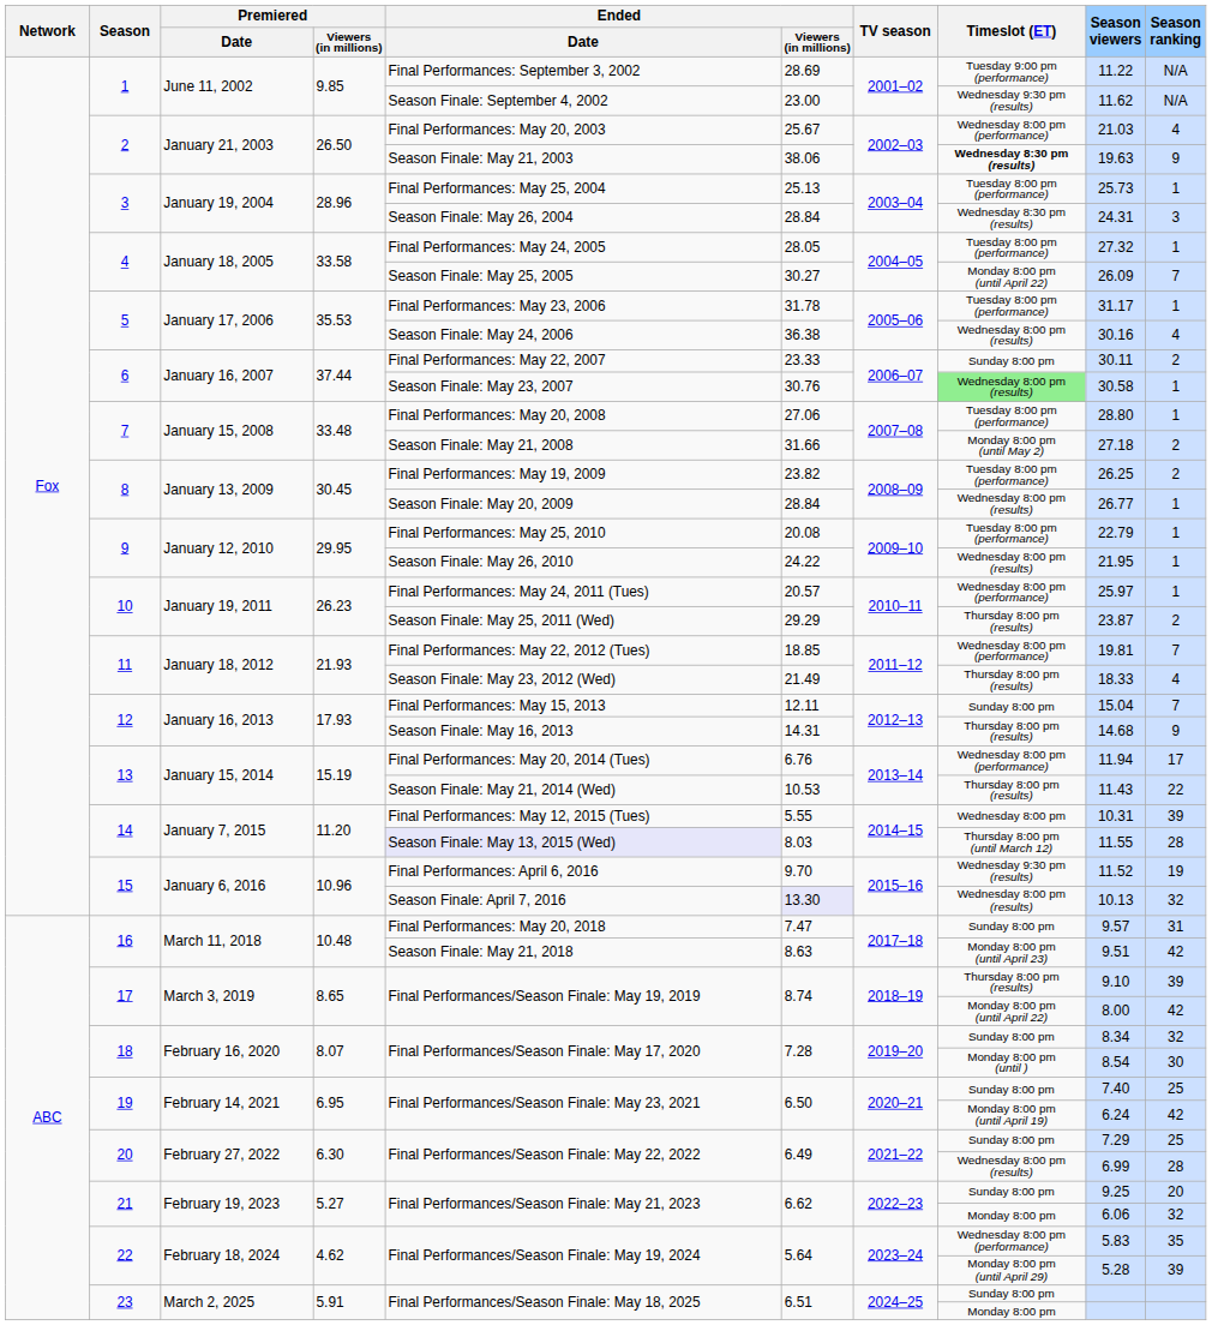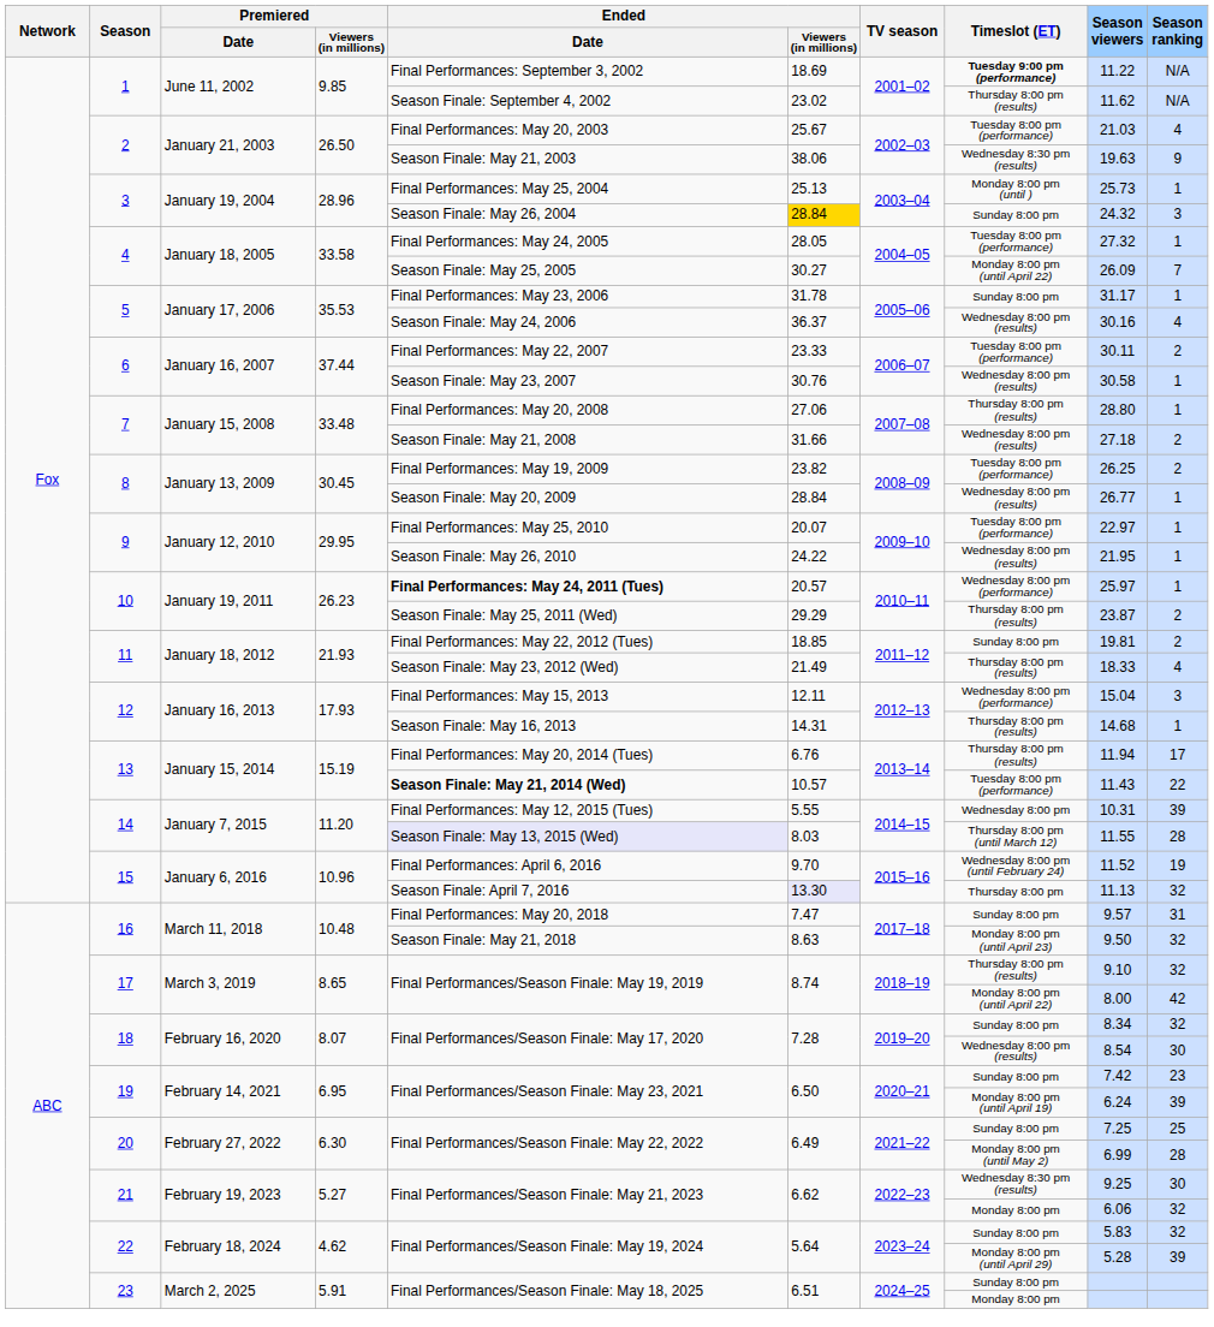 <table class="wikitable">
 <tr>
 <th style="width:7%;" rowspan="2">Network</th>
 <th rowspan=2>Season</th>
 <th colspan=2>Premiered</th>
 <th colspan=2>Ended</th>
 <th style="width:7%;" rowspan="2">TV season</th>
 <th rowspan=2>Timeslot (<a href='#'>ET</a>)</th>
 <th style="width:5%; background:#9cf;" rowspan="2">Season<br>viewers</th>
 <th style="width:5%; background:#9cf;" rowspan="2">Season<br>ranking</th>
 </tr>
 <tr>
 <th>Date</th>
 <th span style="width:6%; font-size:smaller; font-weight:bold; line-height:100%;">Viewers<br>(in millions)</th>
 <th>Date</th>
 <th span style="width:6%; font-size:smaller; font-weight:bold; line-height:100%;">Viewers<br>(in millions)</th>
 </tr>
 <tr>
 <td rowspan=30 style="text-align:center"><a href='#'>Fox</a></td>
 <td rowspan=2 style="text-align:center"><a href='#'>1</a></td>
 <td rowspan=2>June 11, 2002</td>
 <td rowspan=2>9.85</td>
 <td>Final Performances: September 3, 2002</td>
-<td>28.69</td>
+<td>18.69</td>
 <td rowspan=2 style="text-align:center"><a href='#'>2001–02</a></td>
-<td style="font-size: smaller;text-align:center;line-height: 100%">Tuesday 9:00 pm<br><em>(performance)</em></td>
+<td style="font-size: smaller;text-align:center;line-height: 100%"><strong>Tuesday 9:00 pm<br><em>(performance)</em></strong></td>
 <td style="background:#cce0ff;text-align:center">11.22</td>
 <td style="background:#cce0ff;text-align:center">N/A</td>
 </tr>
 <tr>
 <td>Season Finale: September 4, 2002</td>
-<td>23.00</td>
-<td style="font-size: smaller;text-align:center;line-height: 100%">Wednesday 9:30 pm<br><em>(results)</em></td>
+<td>23.02</td>
+<td style="font-size: smaller;text-align:center;line-height: 100%">Thursday 8:00 pm<br><em>(results)</em></td>
 <td style="background:#cce0ff;text-align:center">11.62</td>
 <td style="background:#cce0ff;text-align:center">N/A</td>
 </tr>
 <tr>
 <td rowspan=2 style="text-align:center"><a href='#'>2</a></td>
 <td rowspan=2>January 21, 2003</td>
 <td rowspan=2>26.50</td>
 <td>Final Performances: May 20, 2003</td>
 <td>25.67</td>
 <td rowspan=2 style="text-align:center"><a href='#'>2002–03</a></td>
-<td style="font-size: smaller;text-align:center;line-height: 100%">Wednesday 8:00 pm<br><em>(performance)</em></td>
+<td style="font-size: smaller;text-align:center;line-height: 100%">Tuesday 8:00 pm<br><em>(performance)</em></td>
 <td style="background:#cce0ff;text-align:center">21.03</td>
 <td style="background:#cce0ff;text-align:center">4</td>
 </tr>
 <tr>
 <td>Season Finale: May 21, 2003</td>
 <td>38.06</td>
-<td style="font-size: smaller;text-align:center;line-height: 100%"><strong>Wednesday 8:30 pm<br><em>(results)</em></strong></td>
+<td style="font-size: smaller;text-align:center;line-height: 100%">Wednesday 8:30 pm<br><em>(results)</em></td>
 <td style="background:#cce0ff;text-align:center">19.63</td>
 <td style="background:#cce0ff;text-align:center">9</td>
 </tr>
 <tr>
 <td rowspan=2 style="text-align:center"><a href='#'>3</a></td>
 <td rowspan=2>January 19, 2004</td>
 <td rowspan=2>28.96</td>
 <td>Final Performances: May 25, 2004</td>
 <td>25.13</td>
 <td rowspan=2 style="text-align:center"><a href='#'>2003–04</a></td>
-<td style="font-size: smaller;text-align:center;line-height: 100%">Tuesday 8:00 pm<br><em>(performance)</em></td>
+<td style="font-size: smaller;text-align:center;line-height: 100%">Monday 8:00 pm<br><em>(until )</em></td>
 <td style="background:#cce0ff;text-align:center">25.73</td>
 <td style="background:#cce0ff;text-align:center">1</td>
 </tr>
 <tr>
 <td>Season Finale: May 26, 2004</td>
-<td>28.84</td>
-<td style="font-size: smaller;text-align:center;line-height: 100%">Wednesday 8:30 pm<br><em>(results)</em></td>
-<td style="background:#cce0ff;text-align:center">24.31</td>
+<td style="background: gold;">28.84</td>
+<td style="font-size: smaller;text-align:center;line-height: 100%">Sunday 8:00 pm</td>
+<td style="background:#cce0ff;text-align:center">24.32</td>
 <td style="background:#cce0ff;text-align:center">3</td>
 </tr>
 <tr>
 <td rowspan=2 style="text-align:center"><a href='#'>4</a></td>
 <td rowspan=2>January 18, 2005</td>
 <td rowspan=2>33.58</td>
 <td>Final Performances: May 24, 2005</td>
 <td>28.05</td>
 <td rowspan=2 style="text-align:center"><a href='#'>2004–05</a></td>
 <td style="font-size: smaller;text-align:center;line-height: 100%">Tuesday 8:00 pm<br><em>(performance)</em></td>
 <td style="background:#cce0ff;text-align:center">27.32</td>
 <td style="background:#cce0ff;text-align:center">1</td>
 </tr>
 <tr>
 <td>Season Finale: May 25, 2005</td>
 <td>30.27</td>
 <td style="font-size: smaller;text-align:center;line-height: 100%">Monday 8:00 pm<br><em>(until April 22)</em></td>
 <td style="background:#cce0ff;text-align:center">26.09</td>
 <td style="background:#cce0ff;text-align:center">7</td>
 </tr>
 <tr>
 <td rowspan=2 style="text-align:center"><a href='#'>5</a></td>
 <td rowspan=2>January 17, 2006</td>
 <td rowspan=2>35.53</td>
 <td>Final Performances: May 23, 2006</td>
 <td>31.78</td>
 <td rowspan=2 style="text-align:center"><a href='#'>2005–06</a></td>
-<td style="font-size: smaller;text-align:center;line-height: 100%">Tuesday 8:00 pm<br><em>(performance)</em></td>
+<td style="font-size: smaller;text-align:center;line-height: 100%">Sunday 8:00 pm</td>
 <td style="background:#cce0ff;text-align:center">31.17</td>
 <td style="background:#cce0ff;text-align:center">1</td>
 </tr>
 <tr>
 <td>Season Finale: May 24, 2006</td>
-<td>36.38</td>
+<td>36.37</td>
 <td style="font-size: smaller;text-align:center;line-height: 100%">Wednesday 8:00 pm<br><em>(results)</em></td>
 <td style="background:#cce0ff;text-align:center">30.16</td>
 <td style="background:#cce0ff;text-align:center">4</td>
 </tr>
 <tr>
 <td rowspan=2 style="text-align:center"><a href='#'>6</a></td>
 <td rowspan=2>January 16, 2007</td>
 <td rowspan=2>37.44</td>
 <td>Final Performances: May 22, 2007</td>
 <td>23.33</td>
 <td rowspan=2 style="text-align:center"><a href='#'>2006–07</a></td>
-<td style="font-size: smaller;text-align:center;line-height: 100%">Sunday 8:00 pm<br></td>
+<td style="font-size: smaller;text-align:center;line-height: 100%">Tuesday 8:00 pm<br><em>(performance)</em></td>
 <td style="background:#cce0ff;text-align:center">30.11</td>
 <td style="background:#cce0ff;text-align:center">2</td>
 </tr>
 <tr>
 <td>Season Finale: May 23, 2007</td>
 <td>30.76</td>
-<td style="background: lightgreen; font-size: smaller;text-align:center;line-height: 100%">Wednesday 8:00 pm<br><em>(results)</em></td>
+<td style="font-size: smaller;text-align:center;line-height: 100%">Wednesday 8:00 pm<br><em>(results)</em></td>
 <td style="background:#cce0ff;text-align:center">30.58</td>
 <td style="background:#cce0ff;text-align:center">1</td>
 </tr>
 <tr>
 <td rowspan=2 style="text-align:center"><a href='#'>7</a></td>
 <td rowspan=2>January 15, 2008</td>
 <td rowspan=2>33.48</td>
 <td>Final Performances: May 20, 2008</td>
 <td>27.06</td>
 <td rowspan=2 style="text-align:center"><a href='#'>2007–08</a></td>
-<td style="font-size: smaller;text-align:center;line-height: 100%">Tuesday 8:00 pm<br><em>(performance)</em></td>
+<td style="font-size: smaller;text-align:center;line-height: 100%">Thursday 8:00 pm<br><em>(results)</em></td>
 <td style="background:#cce0ff;text-align:center">28.80</td>
 <td style="background:#cce0ff;text-align:center">1</td>
 </tr>
 <tr>
 <td>Season Finale: May 21, 2008</td>
 <td>31.66</td>
-<td style="font-size: smaller;text-align:center;line-height: 100%">Monday 8:00 pm<br><em>(until May 2)</em></td>
+<td style="font-size: smaller;text-align:center;line-height: 100%">Wednesday 8:00 pm<br><em>(results)</em></td>
 <td style="background:#cce0ff;text-align:center">27.18</td>
 <td style="background:#cce0ff;text-align:center">2</td>
 </tr>
 <tr>
 <td rowspan=2 style="text-align:center"><a href='#'>8</a></td>
 <td rowspan=2>January 13, 2009</td>
 <td rowspan=2>30.45</td>
 <td>Final Performances: May 19, 2009</td>
 <td>23.82</td>
 <td rowspan=2 style="text-align:center"><a href='#'>2008–09</a></td>
 <td style="font-size: smaller;text-align:center;line-height: 100%">Tuesday 8:00 pm<br><em>(performance)</em></td>
 <td style="background:#cce0ff;text-align:center">26.25</td>
 <td style="background:#cce0ff;text-align:center">2</td>
 </tr>
 <tr>
 <td>Season Finale: May 20, 2009</td>
 <td>28.84</td>
 <td style="font-size: smaller;text-align:center;line-height: 100%">Wednesday 8:00 pm<br><em>(results)</em></td>
 <td style="background:#cce0ff;text-align:center">26.77</td>
 <td style="background:#cce0ff;text-align:center">1</td>
 </tr>
 <tr>
 <td rowspan=2 style="text-align:center"><a href='#'>9</a></td>
 <td rowspan=2>January 12, 2010</td>
 <td rowspan=2>29.95</td>
 <td>Final Performances: May 25, 2010</td>
-<td>20.08</td>
+<td>20.07</td>
 <td rowspan=2 style="text-align:center"><a href='#'>2009–10</a></td>
 <td style="font-size: smaller;text-align:center;line-height: 100%">Tuesday 8:00 pm<br><em>(performance)</em></td>
-<td style="background:#cce0ff;text-align:center">22.79</td>
+<td style="background:#cce0ff;text-align:center">22.97</td>
 <td style="background:#cce0ff;text-align:center">1</td>
 </tr>
 <tr>
 <td>Season Finale: May 26, 2010</td>
 <td>24.22</td>
 <td style="font-size: smaller;text-align:center;line-height: 100%">Wednesday 8:00 pm<br><em>(results)</em></td>
 <td style="background:#cce0ff;text-align:center">21.95</td>
 <td style="background:#cce0ff;text-align:center">1</td>
 </tr>
 <tr>
 <td rowspan=2 style="text-align:center"><a href='#'>10</a></td>
 <td rowspan=2>January 19, 2011</td>
 <td rowspan=2>26.23</td>
-<td>Final Performances: May 24, 2011 (Tues)</td>
+<td><strong>Final Performances: May 24, 2011 (Tues)</strong></td>
 <td>20.57</td>
 <td rowspan=2 style="text-align:center"><a href='#'>2010–11</a></td>
 <td style="font-size: smaller;text-align:center;line-height: 100%">Wednesday 8:00 pm<br><em>(performance)</em></td>
 <td style="background:#cce0ff;text-align:center">25.97</td>
 <td style="background:#cce0ff;text-align:center">1</td>
 </tr>
 <tr>
 <td>Season Finale: May 25, 2011 (Wed)</td>
 <td>29.29</td>
 <td style="font-size: smaller;text-align:center;line-height: 100%">Thursday 8:00 pm<br><em>(results)</em></td>
 <td style="background:#cce0ff;text-align:center">23.87</td>
 <td style="background:#cce0ff;text-align:center">2</td>
 </tr>
 <tr>
 <td rowspan=2 style="text-align:center"><a href='#'>11</a></td>
 <td rowspan=2>January 18, 2012</td>
 <td rowspan=2>21.93</td>
 <td>Final Performances: May 22, 2012 (Tues)</td>
 <td>18.85</td>
 <td rowspan=2 style="text-align:center"><a href='#'>2011–12</a></td>
-<td style="font-size: smaller;text-align:center;line-height: 100%">Wednesday 8:00 pm<br><em>(performance)</em></td>
+<td style="font-size: smaller;text-align:center;line-height: 100%">Sunday 8:00 pm</td>
 <td style="background:#cce0ff;text-align:center">19.81</td>
-<td style="background:#cce0ff;text-align:center">7</td>
+<td style="background:#cce0ff;text-align:center">2</td>
 </tr>
 <tr>
 <td>Season Finale: May 23, 2012 (Wed)</td>
 <td>21.49</td>
 <td style="font-size: smaller;text-align:center;line-height: 100%">Thursday 8:00 pm<br><em>(results)</em></td>
 <td style="background:#cce0ff;text-align:center">18.33</td>
 <td style="background:#cce0ff;text-align:center">4</td>
 </tr>
 <tr>
 <td rowspan=2 style="text-align:center"><a href='#'>12</a></td>
 <td rowspan=2>January 16, 2013</td>
 <td rowspan=2>17.93</td>
 <td>Final Performances: May 15, 2013</td>
 <td>12.11</td>
 <td rowspan=2 style="text-align:center"><a href='#'>2012–13</a></td>
-<td style="font-size: smaller;text-align:center;line-height: 100%">Sunday 8:00 pm</td>
+<td style="font-size: smaller;text-align:center;line-height: 100%">Wednesday 8:00 pm<br><em>(performance)</em></td>
 <td style="background:#cce0ff;text-align:center">15.04</td>
-<td style="background:#cce0ff;text-align:center">7</td>
+<td style="background:#cce0ff;text-align:center">3</td>
 </tr>
 <tr>
 <td>Season Finale: May 16, 2013</td>
 <td>14.31</td>
 <td style="font-size: smaller;text-align:center;line-height: 100%">Thursday 8:00 pm<br><em>(results)</em></td>
 <td style="background:#cce0ff;text-align:center">14.68</td>
-<td style="background:#cce0ff;text-align:center">9</td>
+<td style="background:#cce0ff;text-align:center">1</td>
 </tr>
 <tr>
 <td rowspan=2 style="text-align:center"><a href='#'>13</a></td>
 <td rowspan=2>January 15, 2014</td>
 <td rowspan=2>15.19</td>
 <td>Final Performances: May 20, 2014 (Tues)</td>
 <td>6.76</td>
 <td rowspan=2 style="text-align:center"><a href='#'>2013–14</a></td>
-<td style="font-size: smaller;text-align:center;line-height: 100%">Wednesday 8:00 pm<br><em>(performance)</em></td>
+<td style="font-size: smaller;text-align:center;line-height: 100%">Thursday 8:00 pm<br><em>(results)</em></td>
 <td style="background:#cce0ff;text-align:center">11.94</td>
 <td style="background:#cce0ff;text-align:center">17</td>
 </tr>
 <tr>
-<td>Season Finale: May 21, 2014 (Wed)</td>
-<td>10.53</td>
-<td style="font-size: smaller;text-align:center;line-height: 100%">Thursday 8:00 pm<br><em>(results)</em></td>
+<td><strong>Season Finale: May 21, 2014 (Wed)</strong></td>
+<td>10.57</td>
+<td style="font-size: smaller;text-align:center;line-height: 100%">Tuesday 8:00 pm<br><em>(performance)</em></td>
 <td style="background:#cce0ff;text-align:center">11.43</td>
 <td style="background:#cce0ff;text-align:center">22</td>
 </tr>
 <tr>
 <td rowspan=2 style="text-align:center"><a href='#'>14</a></td>
 <td rowspan=2>January 7, 2015</td>
 <td rowspan=2>11.20</td>
 <td>Final Performances: May 12, 2015 (Tues)</td>
 <td>5.55</td>
 <td rowspan=2 style="text-align:center"><a href='#'>2014–15</a></td>
 <td style="font-size: smaller;text-align:center;line-height: 100%">Wednesday 8:00 pm<br></td>
 <td style="background:#cce0ff;text-align:center">10.31</td>
 <td style="background:#cce0ff;text-align:center">39</td>
 </tr>
 <tr>
 <td style="background: lavender;">Season Finale: May 13, 2015 (Wed)</td>
 <td>8.03</td>
 <td style="font-size: smaller;text-align:center;line-height: 100%">Thursday 8:00 pm<br><em>(until March 12)</em></td>
 <td style="background:#cce0ff;text-align:center">11.55</td>
 <td style="background:#cce0ff;text-align:center">28</td>
 </tr>
 <tr>
 <td rowspan=2 style="text-align:center"><a href='#'>15</a></td>
 <td rowspan=2>January 6, 2016</td>
 <td rowspan=2>10.96</td>
 <td>Final Performances: April 6, 2016</td>
 <td>9.70</td>
 <td rowspan=2 style="text-align:center"><a href='#'>2015–16</a></td>
-<td style="font-size: smaller;text-align:center;line-height: 100%">Wednesday 9:30 pm<br><em>(results)</em></td>
+<td style="font-size: smaller;text-align:center;line-height: 100%">Wednesday 8:00 pm<br><em>(until February 24)</em></td>
 <td style="background:#cce0ff;text-align:center">11.52</td>
 <td style="background:#cce0ff;text-align:center">19</td>
 </tr>
 <tr>
 <td>Season Finale: April 7, 2016</td>
 <td style="background: lavender;">13.30</td>
-<td style="font-size: smaller;text-align:center;line-height: 100%">Wednesday 8:00 pm<br><em>(results)</em></td>
-<td style="background:#cce0ff;text-align:center">10.13</td>
+<td style="font-size: smaller;text-align:center;line-height: 100%">Thursday 8:00 pm</td>
+<td style="background:#cce0ff;text-align:center">11.13</td>
 <td style="background:#cce0ff;text-align:center">32</td>
 </tr>
 <tr>
 <td rowspan=16 style="text-align:center"><a href='#'>ABC</a></td>
 <td rowspan=2 style="text-align:center"><a href='#'>16</a></td>
 <td rowspan=2>March 11, 2018</td>
 <td rowspan=2>10.48</td>
 <td>Final Performances: May 20, 2018</td>
 <td>7.47</td>
 <td rowspan=2 style="text-align:center"><a href='#'>2017–18</a></td>
 <td style="font-size: smaller;text-align:center;line-height: 100%">Sunday 8:00 pm<br></td>
 <td style="background:#cce0ff;text-align:center">9.57</td>
 <td style="background:#cce0ff;text-align:center">31</td>
 </tr>
 <tr>
 <td>Season Finale: May 21, 2018</td>
 <td>8.63</td>
 <td style="font-size: smaller;text-align:center;line-height: 100%">Monday 8:00 pm<br><em>(until April 23)</em></td>
-<td style="background:#cce0ff;text-align:center">9.51</td>
-<td style="background:#cce0ff;text-align:center">42</td>
+<td style="background:#cce0ff;text-align:center">9.50</td>
+<td style="background:#cce0ff;text-align:center">32</td>
 </tr>
 <tr>
 <td rowspan=2 style="text-align:center"><a href='#'>17</a></td>
 <td rowspan=2>March 3, 2019</td>
 <td rowspan=2>8.65</td>
 <td rowspan=2>Final Performances/Season Finale: May 19, 2019</td>
 <td rowspan=2>8.74</td>
 <td rowspan=2 style="text-align:center"><a href='#'>2018–19</a></td>
 <td style="font-size: smaller;text-align:center;line-height: 100%">Thursday 8:00 pm<br><em>(results)</em></td>
 <td style="background:#cce0ff;text-align:center">9.10</td>
-<td style="background:#cce0ff;text-align:center">39</td>
+<td style="background:#cce0ff;text-align:center">32</td>
 </tr>
 <tr>
 <td style="font-size: smaller;text-align:center;line-height: 100%">Monday 8:00 pm<br><em>(until April 22)</em></td>
 <td style="background:#cce0ff;text-align:center">8.00</td>
 <td style="background:#cce0ff;text-align:center">42</td>
 </tr>
 <tr>
 <td rowspan=2 style="text-align:center"><a href='#'>18</a></td>
 <td rowspan=2>February 16, 2020</td>
 <td rowspan=2>8.07</td>
 <td rowspan=2>Final Performances/Season Finale: May 17, 2020</td>
 <td rowspan=2>7.28</td>
 <td rowspan=2 style="text-align:center"><a href='#'>2019–20</a></td>
 <td style="font-size: smaller;text-align:center;line-height: 100%">Sunday 8:00 pm</td>
 <td style="background:#cce0ff;text-align:center">8.34</td>
 <td style="background:#cce0ff;text-align:center">32</td>
 </tr>
 <tr>
-<td style="font-size: smaller;text-align:center;line-height: 100%">Monday 8:00 pm<br><em>(until )</em></td>
+<td style="font-size: smaller;text-align:center;line-height: 100%">Wednesday 8:00 pm<br><em>(results)</em></td>
 <td style="background:#cce0ff;text-align:center">8.54</td>
 <td style="background:#cce0ff;text-align:center">30</td>
 </tr>
 <tr>
 <td rowspan=2 style="text-align:center"><a href='#'>19</a></td>
 <td rowspan=2>February 14, 2021</td>
 <td rowspan=2>6.95</td>
 <td rowspan=2>Final Performances/Season Finale: May 23, 2021</td>
 <td rowspan=2>6.50</td>
 <td rowspan=2 style="text-align:center"><a href='#'>2020–21</a></td>
 <td style="font-size: smaller;text-align:center;line-height: 100%">Sunday 8:00 pm</td>
-<td style="background:#cce0ff;text-align:center">7.40</td>
-<td style="background:#cce0ff;text-align:center">25</td>
+<td style="background:#cce0ff;text-align:center">7.42</td>
+<td style="background:#cce0ff;text-align:center">23</td>
 </tr>
 <tr>
 <td style="font-size: smaller;text-align:center;line-height: 100%">Monday 8:00 pm<br><em>(until April 19)</em></td>
 <td style="background:#cce0ff;text-align:center">6.24</td>
-<td style="background:#cce0ff;text-align:center">42</td>
+<td style="background:#cce0ff;text-align:center">39</td>
 </tr>
 <tr>
 <td rowspan=2 style="text-align:center"><a href='#'>20</a></td>
 <td rowspan=2>February 27, 2022</td>
 <td rowspan=2>6.30</td>
 <td rowspan=2>Final Performances/Season Finale: May 22, 2022</td>
 <td rowspan=2>6.49</td>
 <td rowspan=2 style="text-align:center"><a href='#'>2021–22</a></td>
 <td style="font-size: smaller;text-align:center;line-height: 100%">Sunday 8:00 pm</td>
-<td style="background:#cce0ff;text-align:center">7.29</td>
+<td style="background:#cce0ff;text-align:center">7.25</td>
 <td style="background:#cce0ff;text-align:center">25</td>
 </tr>
 <tr>
-<td style="font-size: smaller;text-align:center;line-height: 100%">Wednesday 8:00 pm<br><em>(results)</em></td>
+<td style="font-size: smaller;text-align:center;line-height: 100%">Monday 8:00 pm<br><em>(until May 2)</em></td>
 <td style="background:#cce0ff;text-align:center">6.99</td>
 <td style="background:#cce0ff;text-align:center">28</td>
 </tr>
 <tr>
 <td rowspan=2 style="text-align:center"><a href='#'>21</a></td>
 <td rowspan=2>February 19, 2023</td>
 <td rowspan=2>5.27</td>
 <td rowspan=2>Final Performances/Season Finale: May 21, 2023</td>
 <td rowspan=2>6.62</td>
 <td rowspan=2 style="text-align:center"><a href='#'>2022–23</a></td>
-<td style="font-size: smaller;text-align:center;line-height: 100%">Sunday 8:00 pm</td>
+<td style="font-size: smaller;text-align:center;line-height: 100%">Wednesday 8:30 pm<br><em>(results)</em></td>
 <td style="background:#cce0ff;text-align:center">9.25</td>
-<td style="background:#cce0ff;text-align:center">20</td>
+<td style="background:#cce0ff;text-align:center">30</td>
 </tr>
 <tr>
 <td style="font-size: smaller;text-align:center;line-height: 100%">Monday 8:00 pm</td>
 <td style="background:#cce0ff;text-align:center">6.06</td>
 <td style="background:#cce0ff;text-align:center">32</td>
 </tr>
 <tr>
 <td rowspan=2 style="text-align:center"><a href='#'>22</a></td>
 <td rowspan=2>February 18, 2024</td>
 <td rowspan=2>4.62</td>
 <td rowspan=2>Final Performances/Season Finale: May 19, 2024</td>
 <td rowspan=2>5.64</td>
 <td rowspan=2 style="text-align:center"><a href='#'>2023–24</a></td>
-<td style="font-size: smaller;text-align:center;line-height: 100%">Wednesday 8:00 pm<br><em>(performance)</em></td>
+<td style="font-size: smaller;text-align:center;line-height: 100%">Sunday 8:00 pm</td>
 <td style="background:#cce0ff;text-align:center">5.83</td>
-<td style="background:#cce0ff;text-align:center">35</td>
+<td style="background:#cce0ff;text-align:center">32</td>
 </tr>
 <tr>
 <td style="font-size: smaller;text-align:center;line-height: 100%">Monday 8:00 pm<br><em>(until April 29)</em></td>
 <td style="background:#cce0ff;text-align:center">5.28</td>
 <td style="background:#cce0ff;text-align:center">39</td>
 </tr>
 <tr>
 <td rowspan=2 style="text-align:center"><a href='#'>23</a></td>
 <td rowspan=2>March 2, 2025</td>
 <td rowspan=2>5.91</td>
 <td rowspan=2>Final Performances/Season Finale: May 18, 2025</td>
 <td rowspan=2>6.51</td>
 <td rowspan=2 style="text-align:center"><a href='#'>2024–25</a></td>
 <td style="font-size: smaller;text-align:center;line-height: 100%">Sunday 8:00 pm</td>
 <td style="background:#cce0ff;text-align:center"></td>
 <td style="background:#cce0ff;text-align:center"></td>
 </tr>
 <tr>
 <td style="font-size: smaller;text-align:center;line-height: 100%">Monday 8:00 pm</td>
 <td style="background:#cce0ff;text-align:center"></td>
 <td style="background:#cce0ff;text-align:center"></td>
 </tr>
 </table>
